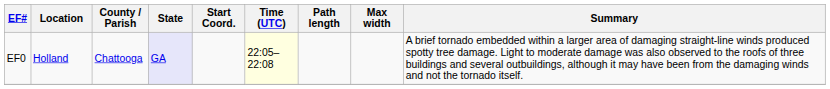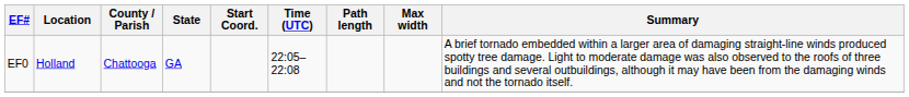 <table class="wikitable sortable" style="width:100%;">
 <tr>
 <th scope="col" width="3%" align="center"><a href='#'>EF#</a></th>
 <th scope="col" width="7%" align="center" class="unsortable">Location</th>
 <th scope="col" width="6%" align="center" class="unsortable">County / Parish</th>
 <th scope="col" width="5%" align="center">State</th>
 <th scope="col" width="6%" align="center">Start Coord.</th>
 <th scope="col" width="6%" align="center">Time (<a href='#'>UTC</a>)</th>
 <th scope="col" width="6%" align="center">Path length</th>
 <th scope="col" width="6%" align="center">Max width</th>
 <th scope="col" width="48%" class="unsortable" align="center">Summary</th>
 </tr>
 <tr>
 <td>EF0</td>
 <td><a href='#'>Holland</a></td>
 <td><a href='#'>Chattooga</a></td>
-<td style="background: lavender;"><a href='#'>GA</a></td>
+<td><a href='#'>GA</a></td>
 <td></td>
-<td style="background: lightyellow;">22:05–22:08</td>
+<td>22:05–22:08</td>
 <td></td>
 <td></td>
 <td>A brief tornado embedded within a larger area of damaging straight-line winds produced spotty tree damage. Light to moderate damage was also observed to the roofs of three buildings and several outbuildings, although it may have been from the damaging winds and not the tornado itself.</td>
 </tr>
 <tr>
 </tr>
 </table>
